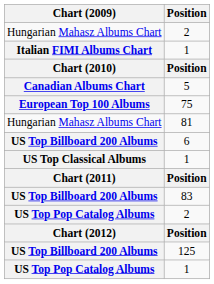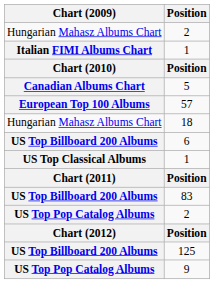 <table class="wikitable plainrowheaders" style="text-align:center;" border="1">
 <tr>
 <th scope="col">Chart (2009)</th>
 <th scope="col">Position</th>
 </tr>
 <tr>
 <td scope="row">Hungarian <a href='#'>Mahasz Albums Chart</a></td>
 <td style="text-align:center;">2</td>
 </tr>
 <tr>
 <th scope="row">Italian <a href='#'>FIMI Albums Chart</a></th>
 <td style="text-align:center;">1</td>
 </tr>
 <tr>
 <th scope="col">Chart (2010)</th>
 <th scope="col">Position</th>
 </tr>
 <tr>
 <th scope="row"><a href='#'>Canadian Albums Chart</a></th>
 <td style="text-align:center;">5</td>
 </tr>
 <tr>
 <th scope="row"><a href='#'>European Top 100 Albums</a></th>
-<td style="text-align:center;">75</td>
+<td style="text-align:center;">57</td>
 </tr>
 <tr>
 <td scope="row">Hungarian <a href='#'>Mahasz Albums Chart</a></td>
-<td style="text-align:center;">81</td>
+<td style="text-align:center;">18</td>
 </tr>
 <tr>
 <th scope="row">US <a href='#'>Top Billboard 200 Albums</a></th>
 <td style="text-align:center;">6</td>
 </tr>
 <tr>
 <th scope="row">US Top Classical Albums</th>
 <td style="text-align:center;">1</td>
 </tr>
 <tr>
 <th scope="col">Chart (2011)</th>
 <th scope="col">Position</th>
 </tr>
 <tr>
 <th scope="row">US <a href='#'>Top Billboard 200 Albums</a></th>
 <td style="text-align:center;">83</td>
 </tr>
 <tr>
 <th scope="row">US <a href='#'>Top Pop Catalog Albums</a></th>
 <td style="text-align:center;">2</td>
 </tr>
 <tr>
 <th scope="col">Chart (2012)</th>
 <th scope="col">Position</th>
 </tr>
 <tr>
 <th scope="row">US <a href='#'>Top Billboard 200 Albums</a></th>
 <td style="text-align:center;">125</td>
 </tr>
 <tr>
 <th scope="row">US <a href='#'>Top Pop Catalog Albums</a></th>
-<td style="text-align:center;">1</td>
+<td style="text-align:center;">9</td>
 </tr>
 </table>
